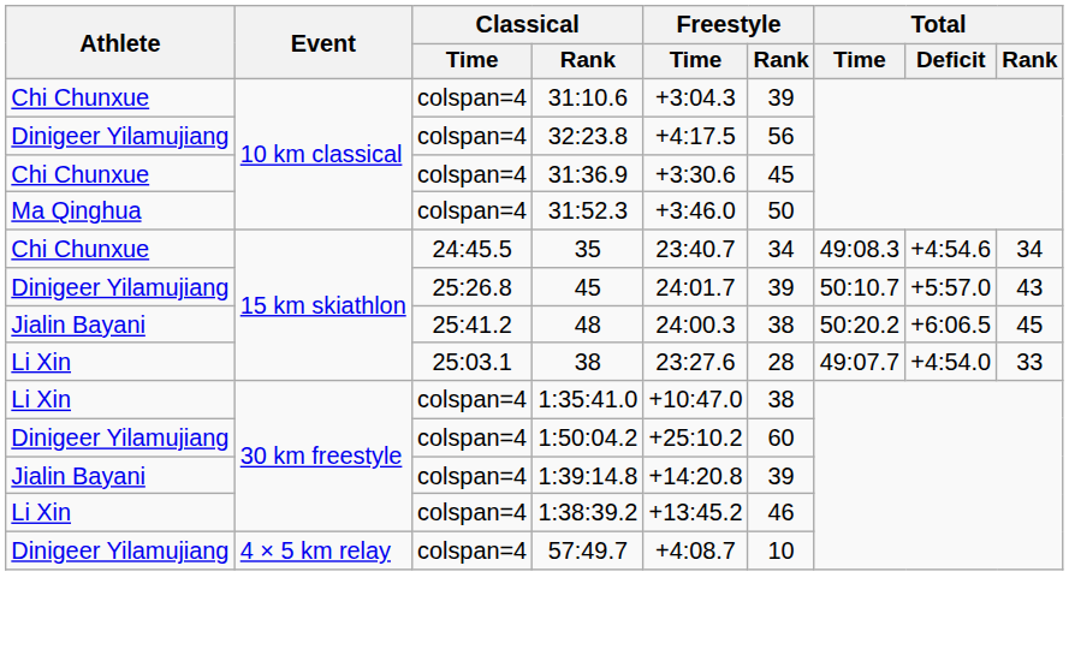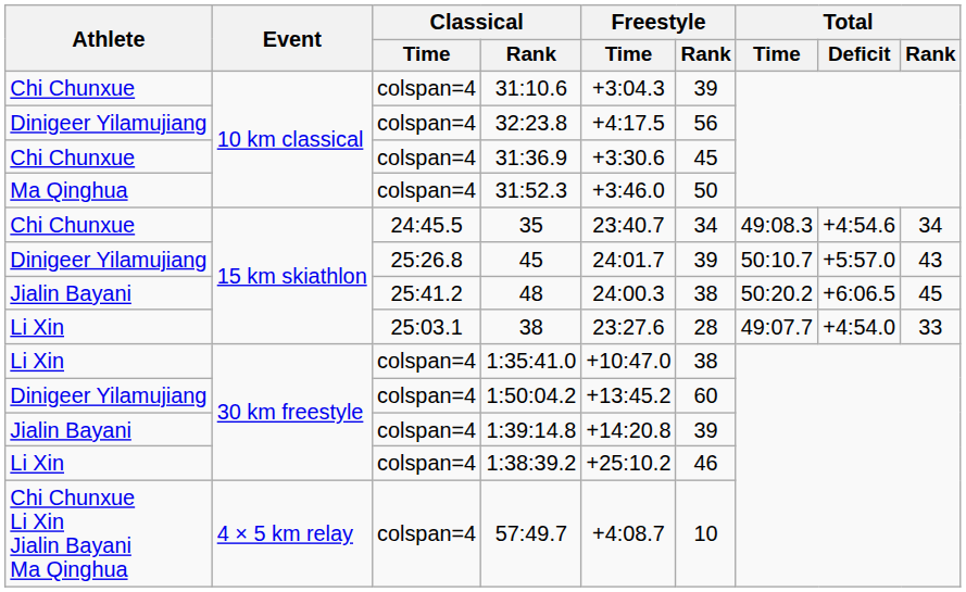 <table class="wikitable" style="font-size:90%">
 <tr>
 <th rowspan=2>Athlete</th>
 <th rowspan=2>Event</th>
 <th colspan=2>Classical</th>
 <th colspan=2>Freestyle</th>
 <th colspan=3>Total</th>
 </tr>
 <tr style="font-size: 95%">
 <th>Time</th>
 <th>Rank</th>
 <th>Time</th>
 <th>Rank</th>
 <th>Time</th>
 <th>Deficit</th>
 <th>Rank</th>
 </tr>
 <tr align=center>
 <td align=left><a href='#'>Chi Chunxue</a></td>
 <td align=left rowspan=4><a href='#'>10 km classical</a></td>
 <td>colspan=4 </td>
 <td>31:10.6</td>
 <td>+3:04.3</td>
 <td>39</td>
 </tr>
 <tr align=center>
 <td align=left><a href='#'>Dinigeer Yilamujiang</a></td>
 <td>colspan=4 </td>
 <td>32:23.8</td>
 <td>+4:17.5</td>
 <td>56</td>
 </tr>
 <tr align=center>
 <td align=left><a href='#'>Chi Chunxue</a></td>
 <td>colspan=4 </td>
 <td>31:36.9</td>
 <td>+3:30.6</td>
 <td>45</td>
 </tr>
 <tr align=center>
 <td align=left><a href='#'>Ma Qinghua</a></td>
 <td>colspan=4 </td>
 <td>31:52.3</td>
 <td>+3:46.0</td>
 <td>50</td>
 </tr>
 <tr align=center>
 <td align=left><a href='#'>Chi Chunxue</a></td>
 <td align=left rowspan=4><a href='#'>15 km skiathlon</a></td>
 <td>24:45.5</td>
 <td>35</td>
 <td>23:40.7</td>
 <td>34</td>
 <td>49:08.3</td>
 <td>+4:54.6</td>
 <td>34</td>
 </tr>
 <tr align=center>
 <td align=left><a href='#'>Dinigeer Yilamujiang</a></td>
 <td>25:26.8</td>
 <td>45</td>
 <td>24:01.7</td>
 <td>39</td>
 <td>50:10.7</td>
 <td>+5:57.0</td>
 <td>43</td>
 </tr>
 <tr align=center>
 <td align=left><a href='#'>Jialin Bayani</a></td>
 <td>25:41.2</td>
 <td>48</td>
 <td>24:00.3</td>
 <td>38</td>
 <td>50:20.2</td>
 <td>+6:06.5</td>
 <td>45</td>
 </tr>
 <tr align=center>
 <td align=left><a href='#'>Li Xin</a></td>
 <td>25:03.1</td>
 <td>38</td>
 <td>23:27.6</td>
 <td>28</td>
 <td>49:07.7</td>
 <td>+4:54.0</td>
 <td>33</td>
 </tr>
 <tr align=center>
 <td align=left><a href='#'>Li Xin</a></td>
 <td align=left rowspan=4><a href='#'>30 km freestyle</a></td>
 <td>colspan=4 </td>
 <td>1:35:41.0</td>
 <td>+10:47.0</td>
 <td>38</td>
 </tr>
 <tr align=center>
 <td align=left><a href='#'>Dinigeer Yilamujiang</a></td>
 <td>colspan=4 </td>
 <td>1:50:04.2</td>
-<td>+25:10.2</td>
+<td>+13:45.2</td>
 <td>60</td>
 </tr>
 <tr align=center>
 <td align=left><a href='#'>Jialin Bayani</a></td>
 <td>colspan=4 </td>
 <td>1:39:14.8</td>
 <td>+14:20.8</td>
 <td>39</td>
 </tr>
 <tr align=center>
 <td align=left><a href='#'>Li Xin</a></td>
 <td>colspan=4 </td>
 <td>1:38:39.2</td>
-<td>+13:45.2</td>
+<td>+25:10.2</td>
 <td>46</td>
 </tr>
 <tr align=center>
-<td align=left><a href='#'>Dinigeer Yilamujiang</a></td>
+<td align=left><a href='#'>Chi Chunxue</a><br><a href='#'>Li Xin</a><br><a href='#'>Jialin Bayani</a><br><a href='#'>Ma Qinghua</a></td>
 <td align=left><a href='#'>4 × 5 km relay</a></td>
 <td>colspan=4 </td>
 <td>57:49.7</td>
 <td>+4:08.7</td>
 <td>10</td>
 </tr>
 </table>
